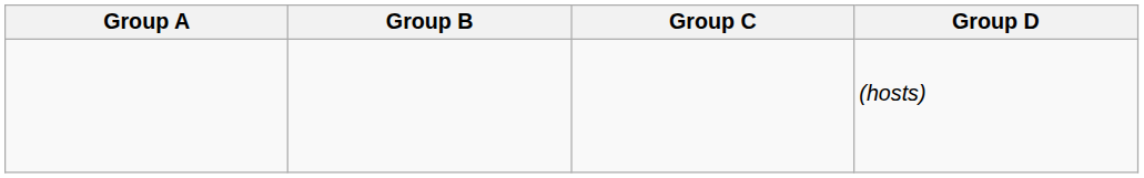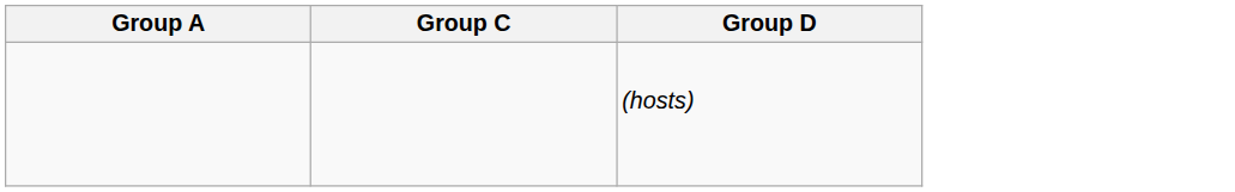 <table class="wikitable">
 <tr>
 <th width=200px>Group A</th>
-<th width=200px>Group B</th>
 <th width=200px>Group C</th>
 <th width=200px>Group D</th>
 </tr>
 <tr>
 <td><br> <br>  <br>  <br>  <br> </td>
-<td><br> <br>  <br>  <br>  <br></td>
 <td><br> <br>  <br>  <br> </td>
 <td><br> <em>(hosts)</em> <br>  <br>  <br> </td>
 </tr>
 </table>
